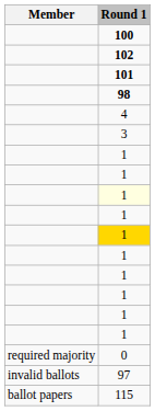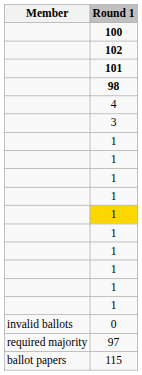 <table class="wikitable collapsible">
 <tr>
 <th>Member</th>
 <td style="background:silver;"><strong>Round 1</strong></td>
 </tr>
 <tr>
 <td></td>
 <td style="text-align:center;"><strong>100</strong></td>
 </tr>
 <tr>
 <td></td>
 <td style="text-align:center;"><strong>102</strong></td>
 </tr>
 <tr>
 <td></td>
 <td style="text-align:center;"><strong>101</strong></td>
 </tr>
 <tr>
 <td></td>
 <td style="text-align:center;"><strong>98</strong></td>
 </tr>
 <tr>
 <td></td>
 <td style="text-align:center;">4</td>
 </tr>
 <tr>
 <td></td>
 <td style="text-align:center;">3</td>
 </tr>
 <tr>
 <td></td>
 <td style="text-align:center;">1</td>
 </tr>
 <tr>
 <td></td>
 <td style="text-align:center;">1</td>
 </tr>
 <tr>
 <td></td>
-<td style="background: lightyellow; text-align:center;">1</td>
+<td style="text-align:center;">1</td>
 </tr>
 <tr>
 <td></td>
 <td style="text-align:center;">1</td>
 </tr>
 <tr>
 <td></td>
 <td style="background: gold; text-align:center;">1</td>
 </tr>
 <tr>
 <td></td>
 <td style="text-align:center;">1</td>
 </tr>
 <tr>
 <td></td>
 <td style="text-align:center;">1</td>
 </tr>
 <tr>
 <td></td>
 <td style="text-align:center;">1</td>
 </tr>
 <tr>
 <td></td>
 <td style="text-align:center;">1</td>
 </tr>
 <tr>
 <td></td>
 <td style="text-align:center;">1</td>
 </tr>
 <tr>
-<td>required majority</td>
+<td>invalid ballots</td>
 <td style="text-align:center;">0</td>
 </tr>
 <tr>
-<td>invalid ballots</td>
+<td>required majority</td>
 <td style="text-align:center;">97</td>
 </tr>
 <tr>
 <td>ballot papers</td>
 <td style="text-align:center;">115</td>
 </tr>
 </table>
